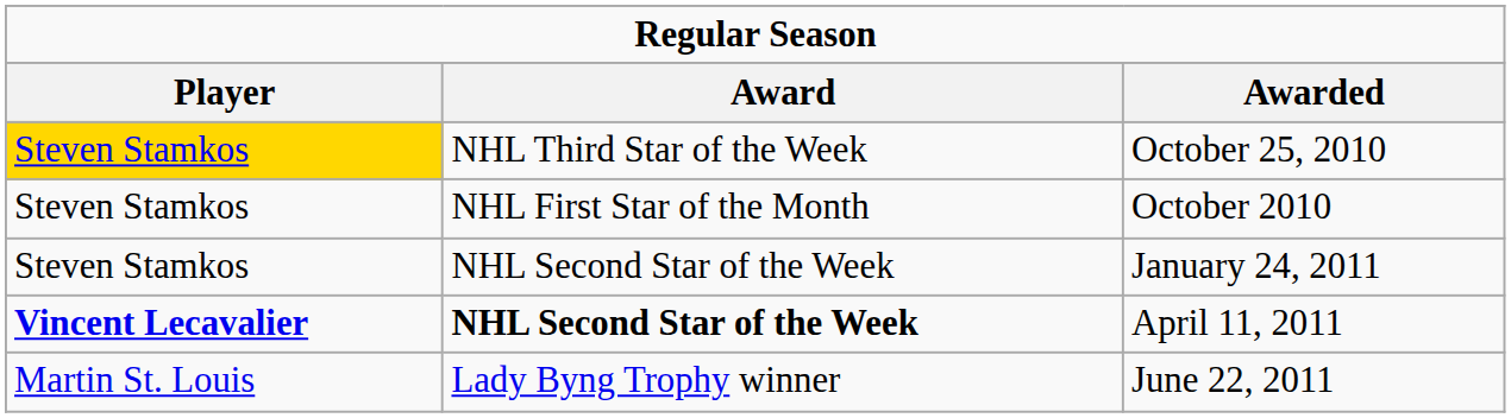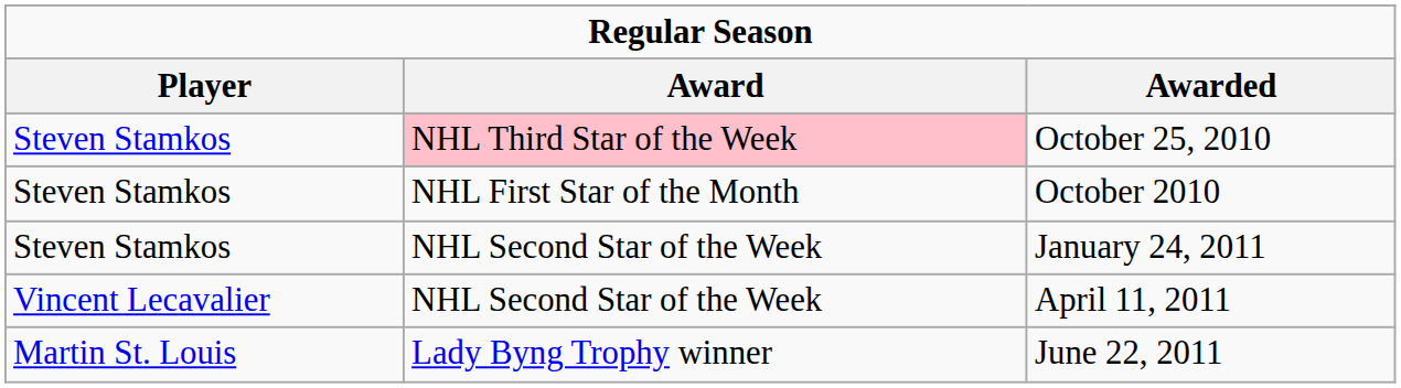 <table class="wikitable" style="width:52%;">
 <tr>
 <td colspan="10" style="text-align:center;"><strong>Regular Season</strong></td>
 </tr>
 <tr>
 <th>Player</th>
 <th>Award</th>
 <th>Awarded</th>
 </tr>
 <tr>
-<td style="background: gold;"><a href='#'>Steven Stamkos</a></td>
-<td>NHL Third Star of the Week</td>
+<td><a href='#'>Steven Stamkos</a></td>
+<td style="background: pink;">NHL Third Star of the Week</td>
 <td>October 25, 2010</td>
 </tr>
 <tr>
 <td>Steven Stamkos</td>
 <td>NHL First Star of the Month</td>
 <td>October 2010</td>
 </tr>
 <tr>
 <td>Steven Stamkos</td>
 <td>NHL Second Star of the Week</td>
 <td>January 24, 2011</td>
 </tr>
 <tr>
-<td><strong><a href='#'>Vincent Lecavalier</a></strong></td>
-<td><strong>NHL Second Star of the Week</strong></td>
+<td><a href='#'>Vincent Lecavalier</a></td>
+<td>NHL Second Star of the Week</td>
 <td>April 11, 2011</td>
 </tr>
 <tr>
 <td><a href='#'>Martin St. Louis</a></td>
 <td><a href='#'>Lady Byng Trophy</a> winner</td>
 <td>June 22, 2011</td>
 </tr>
 </table>
